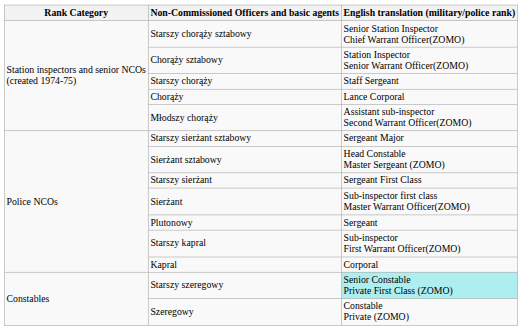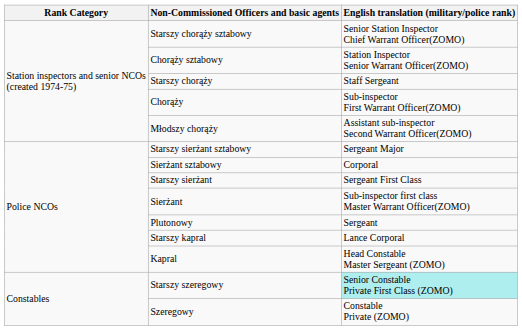 <table class="wikitable" style="display: inline-table;">
 <tr>
 <th>Rank Category</th>
 <th>Non-Commissioned Officers and basic agents</th>
 <th>English translation (military/police rank)</th>
 </tr>
 <tr>
 <td rowspan="5">Station inspectors and senior NCOs<br>(created 1974-75)</td>
 <td>Starszy chorąży sztabowy</td>
 <td>Senior Station Inspector<br>Chief Warrant Officer(ZOMO)</td>
 </tr>
 <tr>
 <td>Chorąży sztabowy</td>
 <td>Station Inspector<br>Senior Warrant Officer(ZOMO)</td>
 </tr>
 <tr>
 <td>Starszy chorąży</td>
 <td>Staff Sergeant</td>
 </tr>
 <tr>
 <td>Chorąży</td>
-<td>Lance Corporal</td>
+<td>Sub-inspector<br>First Warrant Officer(ZOMO)</td>
 </tr>
 <tr>
 <td>Młodszy chorąży</td>
 <td>Assistant sub-inspector<br>Second Warrant Officer(ZOMO)</td>
 </tr>
 <tr>
 <td rowspan="7">Police NCOs</td>
 <td>Starszy sierżant sztabowy</td>
 <td>Sergeant Major</td>
 </tr>
 <tr>
 <td>Sierżant sztabowy</td>
-<td>Head Constable<br>Master Sergeant (ZOMO)</td>
+<td>Corporal</td>
 </tr>
 <tr>
 <td>Starszy sierżant</td>
 <td>Sergeant First Class</td>
 </tr>
 <tr>
 <td>Sierżant</td>
 <td>Sub-inspector first class<br>Master Warrant Officer(ZOMO)</td>
 </tr>
 <tr>
 <td>Plutonowy</td>
 <td>Sergeant</td>
 </tr>
 <tr>
 <td>Starszy kapral</td>
-<td>Sub-inspector<br>First Warrant Officer(ZOMO)</td>
+<td>Lance Corporal</td>
 </tr>
 <tr>
 <td>Kapral</td>
-<td>Corporal</td>
+<td>Head Constable<br>Master Sergeant (ZOMO)</td>
 </tr>
 <tr>
 <td rowspan="2">Constables</td>
 <td>Starszy szeregowy</td>
 <td style="background: paleturquoise;">Senior Constable<br>Private First Class (ZOMO)</td>
 </tr>
 <tr>
 <td>Szeregowy</td>
 <td>Constable<br>Private (ZOMO)</td>
 </tr>
 </table>
